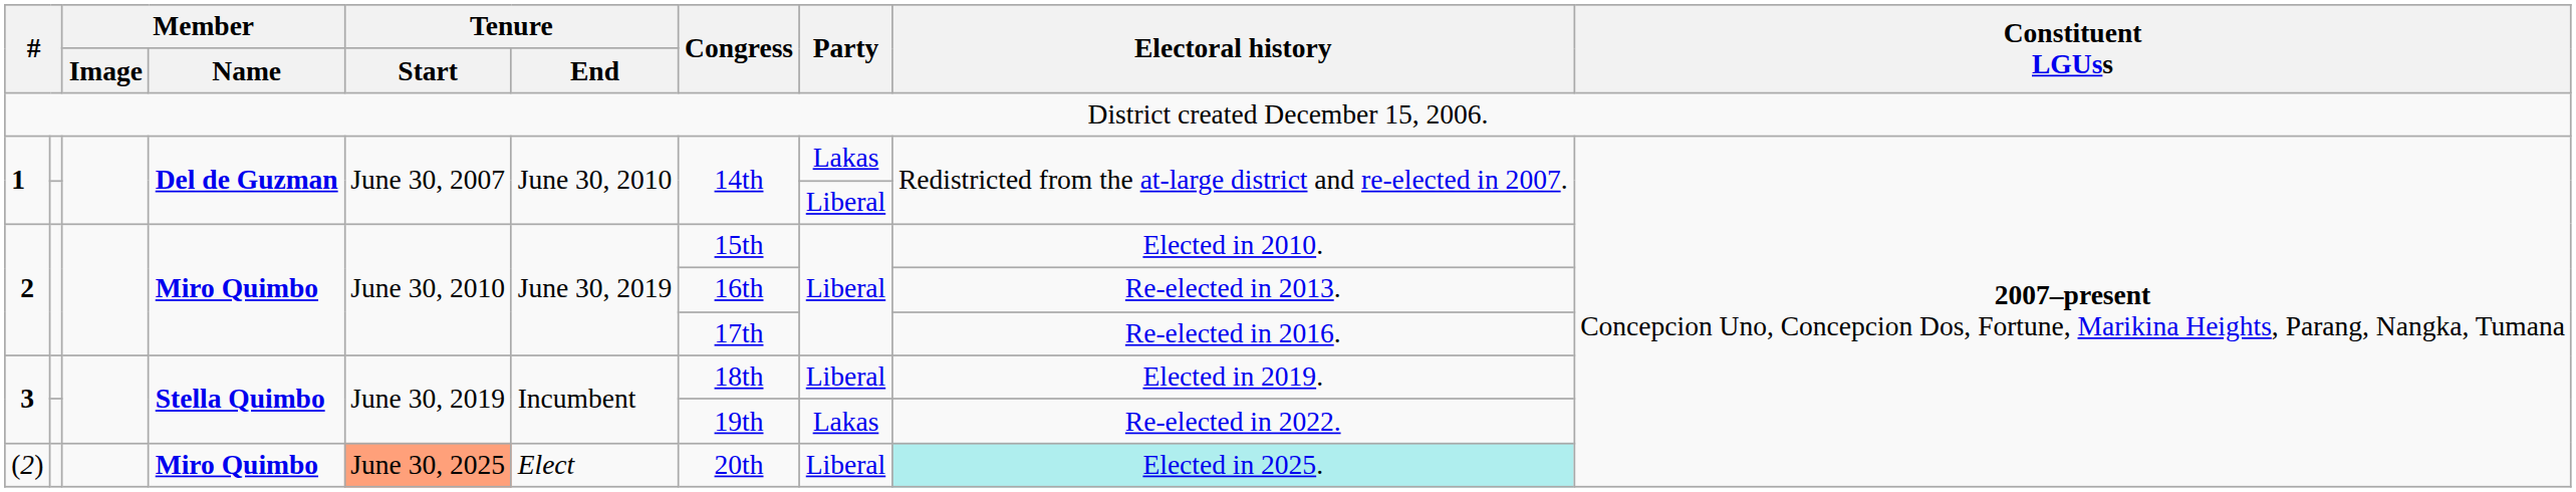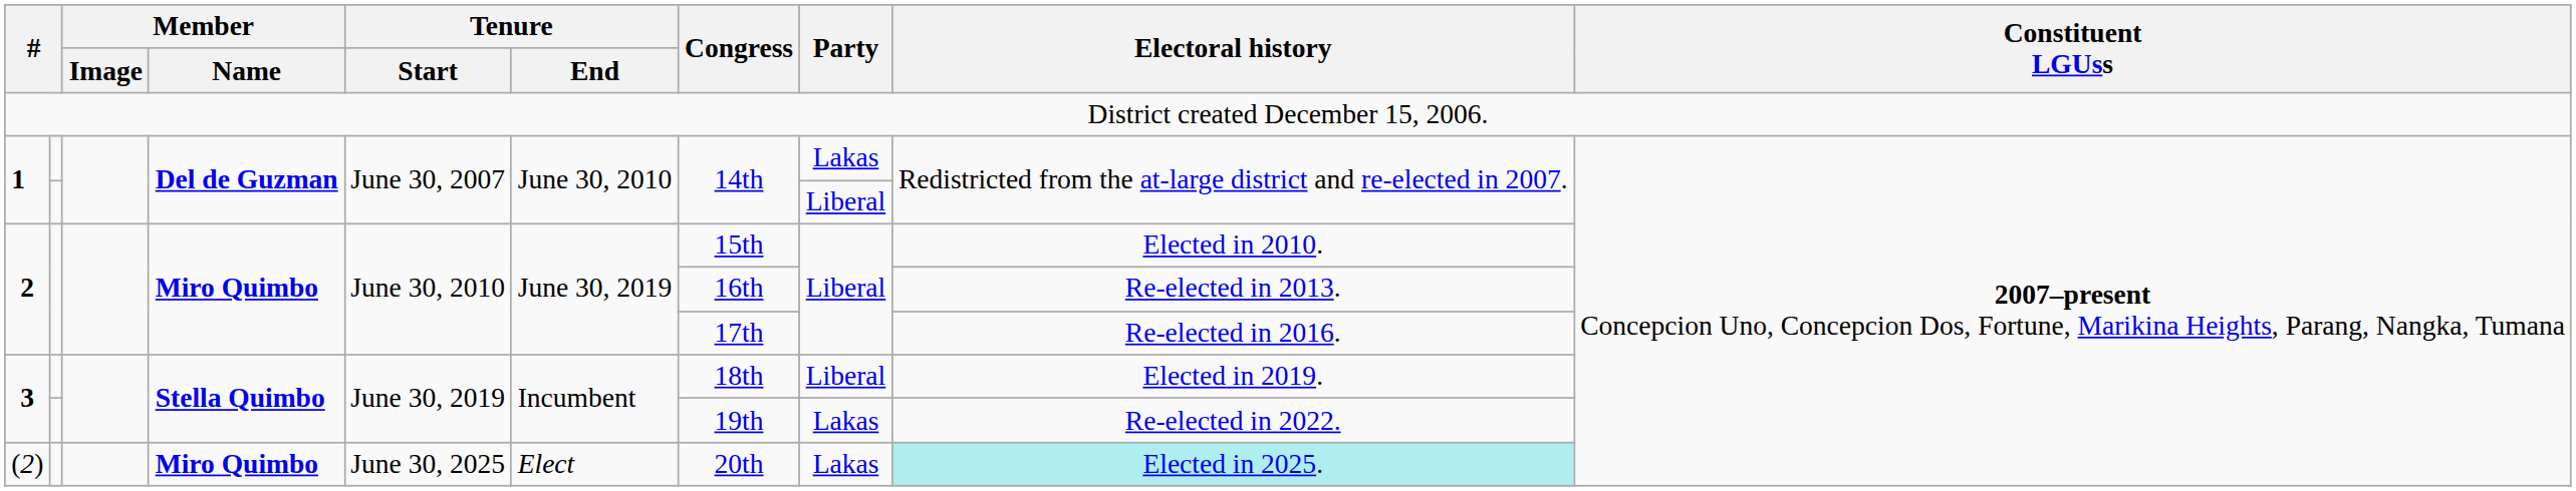 <table class=wikitable>
 <tr>
 <th colspan=2 rowspan="2">#</th>
 <th colspan="2">Member</th>
 <th colspan=2>Tenure</th>
 <th rowspan="2">Congress</th>
 <th rowspan="2">Party</th>
 <th rowspan="2">Electoral history</th>
 <th rowspan="2">Constituent<br><a href='#'>LGUs</a>s</th>
 </tr>
 <tr>
 <th>Image</th>
 <th>Name</th>
 <th>Start</th>
 <th>End</th>
 </tr>
 <tr>
 <td colspan="10" style="text-align:center;">District created December 15, 2006.</td>
 </tr>
 <tr>
 <td rowspan="2"><strong>1</strong></td>
 <td style="color:inherit;background:"></td>
 <td rowspan="2"></td>
 <td rowspan="2"><strong><a href='#'>Del de Guzman</a></strong><br></td>
 <td rowspan="2">June 30, 2007</td>
 <td rowspan="2">June 30, 2010</td>
 <td rowspan="2" style="text-align:center;"><a href='#'>14th</a></td>
 <td style="text-align:center;"><a href='#'>Lakas</a></td>
 <td style="text-align:center;" rowspan="2">Redistricted from the <a href='#'>at-large district</a> and <a href='#'>re-elected in 2007</a>.</td>
 <td rowspan="8" style="text-align:center;"><strong>2007–present</strong><br>Concepcion Uno, Concepcion Dos, Fortune, <a href='#'>Marikina Heights</a>, Parang, Nangka, Tumana</td>
 </tr>
 <tr>
 <td style="color:inherit;background:"></td>
 <td style="text-align:center;"><a href='#'>Liberal</a></td>
 </tr>
 <tr>
 <td rowspan="3" style="text-align:center;"><strong>2</strong></td>
 <td rowspan="3" style="color:inherit;background:"></td>
 <td rowspan="3"></td>
 <td rowspan="3"><strong><a href='#'>Miro Quimbo</a></strong><br></td>
 <td rowspan="3">June 30, 2010</td>
 <td rowspan="3">June 30, 2019</td>
 <td style="text-align:center;"><a href='#'>15th</a></td>
 <td rowspan="3"><a href='#'>Liberal</a></td>
 <td style="text-align:center;"><a href='#'>Elected in 2010</a>.</td>
 </tr>
 <tr>
 <td style="text-align:center;"><a href='#'>16th</a></td>
 <td style="text-align:center;"><a href='#'>Re-elected in 2013</a>.</td>
 </tr>
 <tr>
 <td style="text-align:center;"><a href='#'>17th</a></td>
 <td style="text-align:center;"><a href='#'>Re-elected in 2016</a>.</td>
 </tr>
 <tr>
 <td rowspan="2" style="text-align:center;"><strong>3</strong></td>
 <td style="color:inherit;background:"></td>
 <td rowspan="2"></td>
 <td rowspan="2"><strong><a href='#'>Stella Quimbo</a></strong><br></td>
 <td rowspan="2">June 30, 2019</td>
 <td rowspan="2">Incumbent</td>
 <td style="text-align:center;"><a href='#'>18th</a></td>
 <td style="text-align:center;"><a href='#'>Liberal</a></td>
 <td style="text-align:center;"><a href='#'>Elected in 2019</a>.</td>
 </tr>
 <tr>
 <td style="color:inherit;background:"></td>
 <td style="text-align:center;"><a href='#'>19th</a></td>
 <td style="text-align:center;"><a href='#'>Lakas</a></td>
 <td style="text-align:center;"><a href='#'>Re-elected in 2022.</a></td>
 </tr>
 <tr>
 <td style="text-align: center;">(<em>2</em>)</td>
 <td style="color:inherit;background:"></td>
 <td></td>
 <td><strong><a href='#'>Miro Quimbo</a></strong><br></td>
-<td style="background: lightsalmon;">June 30, 2025</td>
+<td>June 30, 2025</td>
 <td><em>Elect</em></td>
 <td style="text-align:center;"><a href='#'>20th</a></td>
-<td style="text-align:center;"><a href='#'>Liberal</a></td>
+<td style="text-align:center;"><a href='#'>Lakas</a></td>
 <td style="background: paleturquoise; text-align:center;"><a href='#'>Elected in 2025</a>.</td>
 </tr>
 </table>
